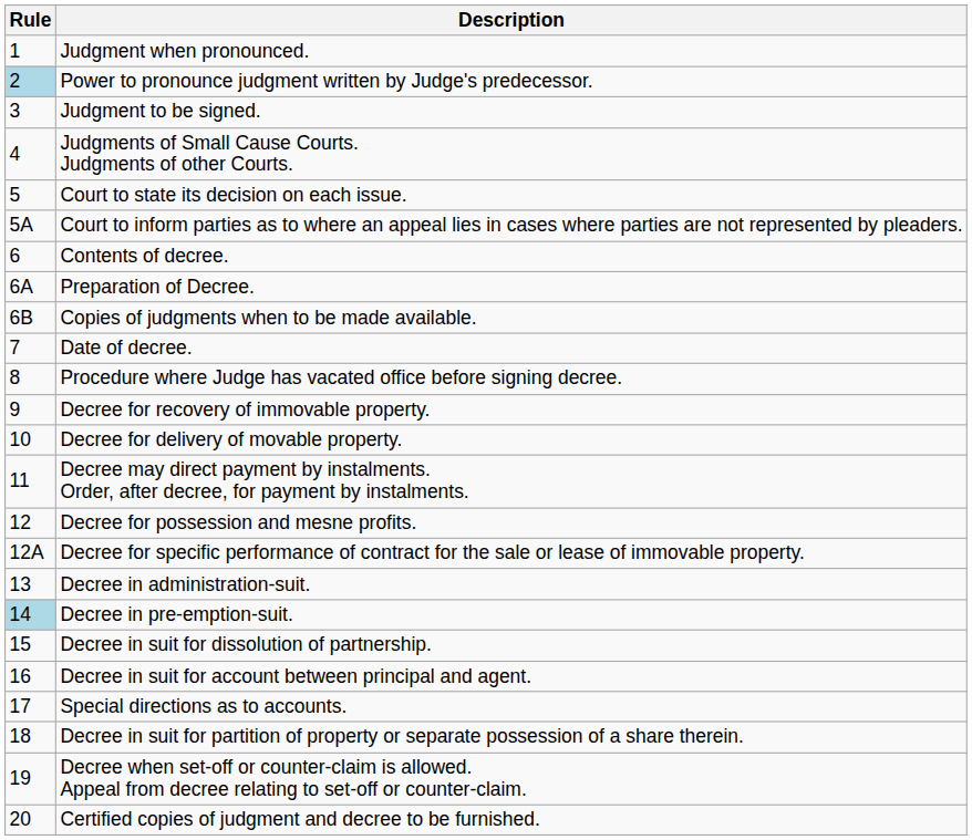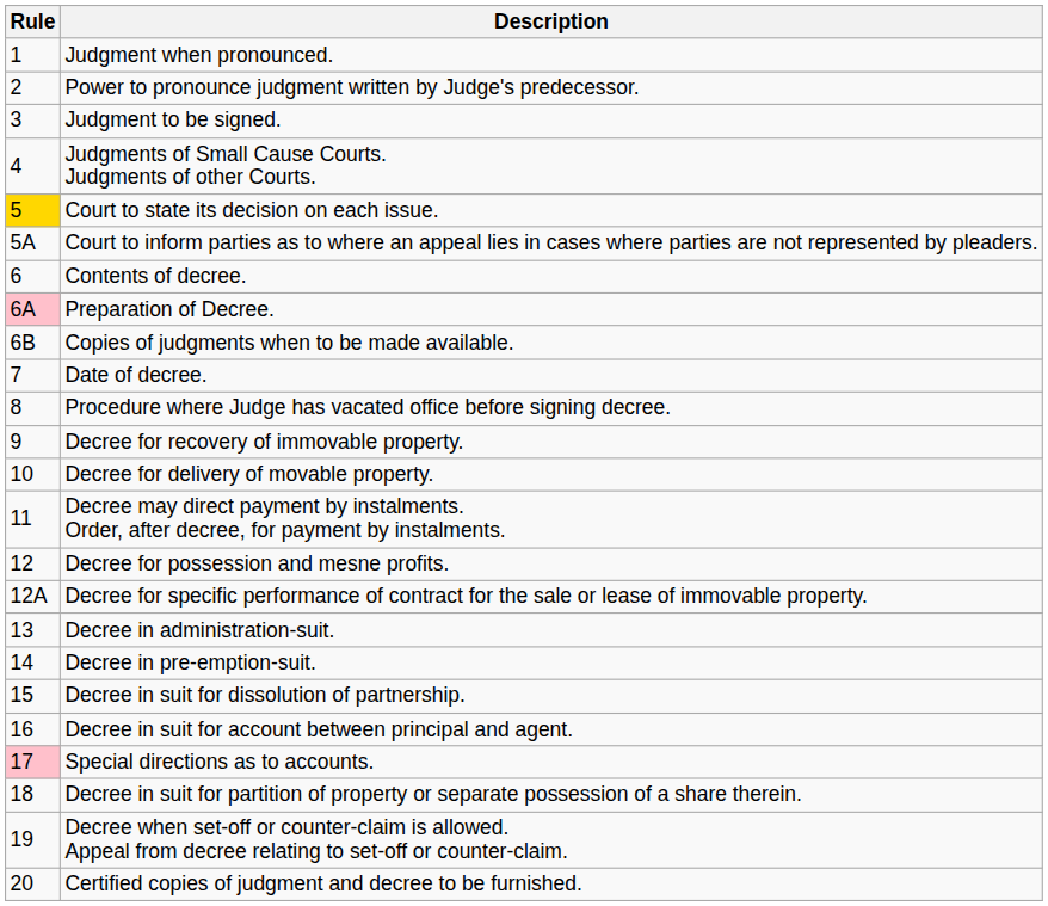 <table class="wikitable">
 <tr>
 <th>Rule</th>
 <th>Description</th>
 </tr>
 <tr>
 <td>1</td>
 <td>Judgment when pronounced.</td>
 </tr>
 <tr>
-<td style="background: lightblue;">2</td>
+<td>2</td>
 <td>Power to pronounce judgment written by Judge's predecessor.</td>
 </tr>
 <tr>
 <td>3</td>
 <td>Judgment to be signed.</td>
 </tr>
 <tr>
 <td>4</td>
 <td>Judgments of Small Cause Courts.<br>Judgments of other Courts.</td>
 </tr>
 <tr>
-<td>5</td>
+<td style="background: gold;">5</td>
 <td>Court to state its decision on each issue.</td>
 </tr>
 <tr>
 <td>5A</td>
 <td>Court to inform parties as to where an appeal lies in cases where parties are not represented by  pleaders.</td>
 </tr>
 <tr>
 <td>6</td>
 <td>Contents of decree.</td>
 </tr>
 <tr>
-<td>6A</td>
+<td style="background: pink;">6A</td>
 <td>Preparation of Decree.</td>
 </tr>
 <tr>
 <td>6B</td>
 <td>Copies of judgments when to be made available.</td>
 </tr>
 <tr>
 <td>7</td>
 <td>Date of decree.</td>
 </tr>
 <tr>
 <td>8</td>
 <td>Procedure where Judge has vacated office before signing decree.</td>
 </tr>
 <tr>
 <td>9</td>
 <td>Decree for recovery of immovable property.</td>
 </tr>
 <tr>
 <td>10</td>
 <td>Decree for delivery of movable property.</td>
 </tr>
 <tr>
 <td>11</td>
 <td>Decree may direct payment by instalments.<br>Order, after decree, for payment by instalments.</td>
 </tr>
 <tr>
 <td>12</td>
 <td>Decree for possession and mesne profits.</td>
 </tr>
 <tr>
 <td>12A</td>
 <td>Decree for specific performance of contract for the sale or lease of immovable property.</td>
 </tr>
 <tr>
 <td>13</td>
 <td>Decree in administration-suit.</td>
 </tr>
 <tr>
-<td style="background: lightblue;">14</td>
+<td>14</td>
 <td>Decree in pre-emption-suit.</td>
 </tr>
 <tr>
 <td>15</td>
 <td>Decree in suit for dissolution of partnership.</td>
 </tr>
 <tr>
 <td>16</td>
 <td>Decree in suit for account between principal and agent.</td>
 </tr>
 <tr>
-<td>17</td>
+<td style="background: pink;">17</td>
 <td>Special directions as to accounts.</td>
 </tr>
 <tr>
 <td>18</td>
 <td>Decree in suit for partition of property or separate possession of a share therein.</td>
 </tr>
 <tr>
 <td>19</td>
 <td>Decree when set-off or counter-claim is allowed.<br>Appeal from decree relating to set-off or counter-claim.</td>
 </tr>
 <tr>
 <td>20</td>
 <td>Certified copies of judgment and decree to be furnished.</td>
 </tr>
 </table>
